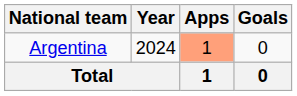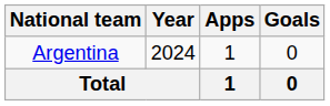 <table class="wikitable" style="text-align:center">
 <tr>
 <th>National team</th>
 <th>Year</th>
 <th>Apps</th>
 <th>Goals</th>
 </tr>
 <tr>
 <td><a href='#'>Argentina</a></td>
 <td>2024</td>
-<td style="background: lightsalmon;">1</td>
+<td>1</td>
 <td>0</td>
 </tr>
 <tr>
 <th colspan="2">Total</th>
 <th>1</th>
 <th>0</th>
 </tr>
 </table>
